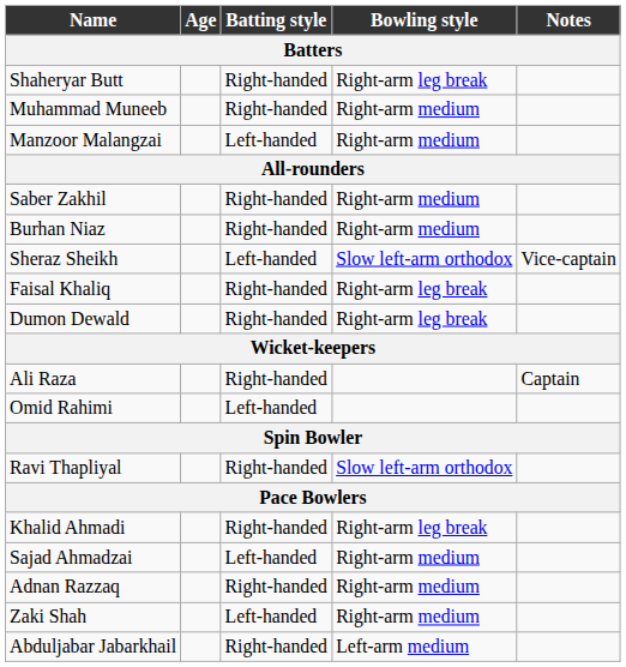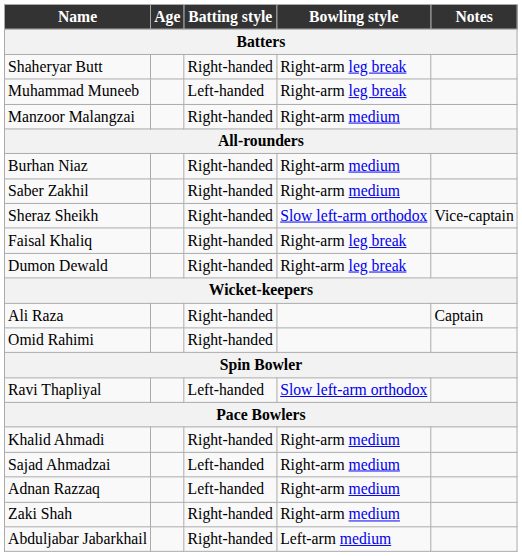 <table class="wikitable">
 <tr>
 <th style="text-align:center; background:#333333; color:white;">Name</th>
 <th style="text-align:center; background:#333333; color:white;">Age</th>
 <th style="text-align:center; background:#333333; color:white;">Batting style</th>
 <th style="text-align:center; background:#333333; color:white;">Bowling style</th>
 <th style="text-align:center; background:#333333; color:white;">Notes</th>
 </tr>
 <tr>
 <th colspan="5">Batters</th>
 </tr>
 <tr>
 <td>Shaheryar Butt</td>
 <td></td>
 <td>Right-handed</td>
 <td>Right-arm <a href='#'>leg break</a></td>
 <td></td>
 </tr>
 <tr>
 <td>Muhammad Muneeb</td>
 <td></td>
+<td>Left-handed</td>
+<td>Right-arm <a href='#'>leg break</a></td>
+<td></td>
+</tr>
+<tr>
+<td>Manzoor Malangzai</td>
+<td></td>
 <td>Right-handed</td>
 <td>Right-arm <a href='#'>medium</a></td>
 <td></td>
 </tr>
 <tr>
-<td>Manzoor Malangzai</td>
+<th colspan="5">All-rounders</th>
+</tr>
+<tr>
+<td>Burhan Niaz</td>
 <td></td>
-<td>Left-handed</td>
+<td>Right-handed</td>
 <td>Right-arm <a href='#'>medium</a></td>
 <td></td>
-</tr>
-<tr>
-<th colspan="5">All-rounders</th>
 </tr>
 <tr>
 <td>Saber Zakhil</td>
 <td></td>
 <td>Right-handed</td>
 <td>Right-arm <a href='#'>medium</a></td>
 <td></td>
 </tr>
 <tr>
-<td>Burhan Niaz</td>
+<td>Sheraz Sheikh</td>
 <td></td>
 <td>Right-handed</td>
-<td>Right-arm <a href='#'>medium</a></td>
-<td></td>
-</tr>
-<tr>
-<td>Sheraz Sheikh</td>
-<td></td>
-<td>Left-handed</td>
 <td><a href='#'>Slow left-arm orthodox</a></td>
 <td>Vice-captain</td>
 </tr>
 <tr>
 <td>Faisal Khaliq</td>
 <td></td>
 <td>Right-handed</td>
 <td>Right-arm <a href='#'>leg break</a></td>
 <td></td>
 </tr>
 <tr>
 <td>Dumon Dewald</td>
 <td></td>
 <td>Right-handed</td>
 <td>Right-arm <a href='#'>leg break</a></td>
 <td></td>
 </tr>
 <tr>
 <th colspan="5">Wicket-keepers</th>
 </tr>
 <tr>
 <td>Ali Raza</td>
 <td></td>
 <td>Right-handed</td>
 <td></td>
 <td>Captain</td>
 </tr>
 <tr>
 <td>Omid Rahimi</td>
 <td></td>
-<td>Left-handed</td>
+<td>Right-handed</td>
 <td></td>
 <td></td>
 </tr>
 <tr>
 <th colspan="5">Spin Bowler</th>
 </tr>
 <tr>
 <td>Ravi Thapliyal</td>
 <td></td>
-<td>Right-handed</td>
+<td>Left-handed</td>
 <td><a href='#'>Slow left-arm orthodox</a></td>
 <td></td>
 </tr>
 <tr>
 <th colspan="5">Pace Bowlers</th>
 </tr>
 <tr>
 <td>Khalid Ahmadi</td>
 <td></td>
 <td>Right-handed</td>
-<td>Right-arm <a href='#'>leg break</a></td>
+<td>Right-arm <a href='#'>medium</a></td>
 <td></td>
 </tr>
 <tr>
 <td>Sajad Ahmadzai</td>
 <td></td>
 <td>Left-handed</td>
 <td>Right-arm <a href='#'>medium</a></td>
 <td></td>
 </tr>
 <tr>
 <td>Adnan Razzaq</td>
 <td></td>
-<td>Right-handed</td>
+<td>Left-handed</td>
 <td>Right-arm <a href='#'>medium</a></td>
 <td></td>
 </tr>
 <tr>
 <td>Zaki Shah</td>
 <td></td>
-<td>Left-handed</td>
+<td>Right-handed</td>
 <td>Right-arm <a href='#'>medium</a></td>
 <td></td>
 </tr>
 <tr>
 <td>Abduljabar Jabarkhail</td>
 <td></td>
 <td>Right-handed</td>
 <td>Left-arm <a href='#'>medium</a></td>
 <td></td>
 </tr>
 </table>
